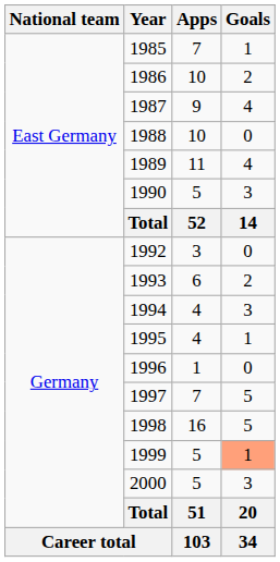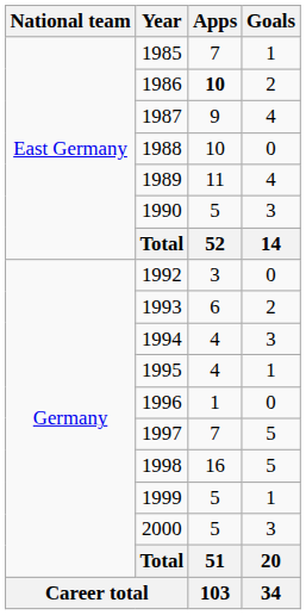 <table class="wikitable" style="text-align:center">
 <tr>
 <th>National team</th>
 <th>Year</th>
 <th>Apps</th>
 <th>Goals</th>
 </tr>
 <tr>
 <td rowspan="7"><a href='#'>East Germany</a></td>
 <td>1985</td>
 <td>7</td>
 <td>1</td>
 </tr>
 <tr>
 <td>1986</td>
-<td>10</td>
+<td><strong>10</strong></td>
 <td>2</td>
 </tr>
 <tr>
 <td>1987</td>
 <td>9</td>
 <td>4</td>
 </tr>
 <tr>
 <td>1988</td>
 <td>10</td>
 <td>0</td>
 </tr>
 <tr>
 <td>1989</td>
 <td>11</td>
 <td>4</td>
 </tr>
 <tr>
 <td>1990</td>
 <td>5</td>
 <td>3</td>
 </tr>
 <tr>
 <th>Total</th>
 <th>52</th>
 <th>14</th>
 </tr>
 <tr>
 <td rowspan="10"><a href='#'>Germany</a></td>
 <td>1992</td>
 <td>3</td>
 <td>0</td>
 </tr>
 <tr>
 <td>1993</td>
 <td>6</td>
 <td>2</td>
 </tr>
 <tr>
 <td>1994</td>
 <td>4</td>
 <td>3</td>
 </tr>
 <tr>
 <td>1995</td>
 <td>4</td>
 <td>1</td>
 </tr>
 <tr>
 <td>1996</td>
 <td>1</td>
 <td>0</td>
 </tr>
 <tr>
 <td>1997</td>
 <td>7</td>
 <td>5</td>
 </tr>
 <tr>
 <td>1998</td>
 <td>16</td>
 <td>5</td>
 </tr>
 <tr>
 <td>1999</td>
 <td>5</td>
-<td style="background: lightsalmon;">1</td>
+<td>1</td>
 </tr>
 <tr>
 <td>2000</td>
 <td>5</td>
 <td>3</td>
 </tr>
 <tr>
 <th>Total</th>
 <th>51</th>
 <th>20</th>
 </tr>
 <tr>
 <th colspan="2">Career total</th>
 <th>103</th>
 <th>34</th>
 </tr>
 </table>
